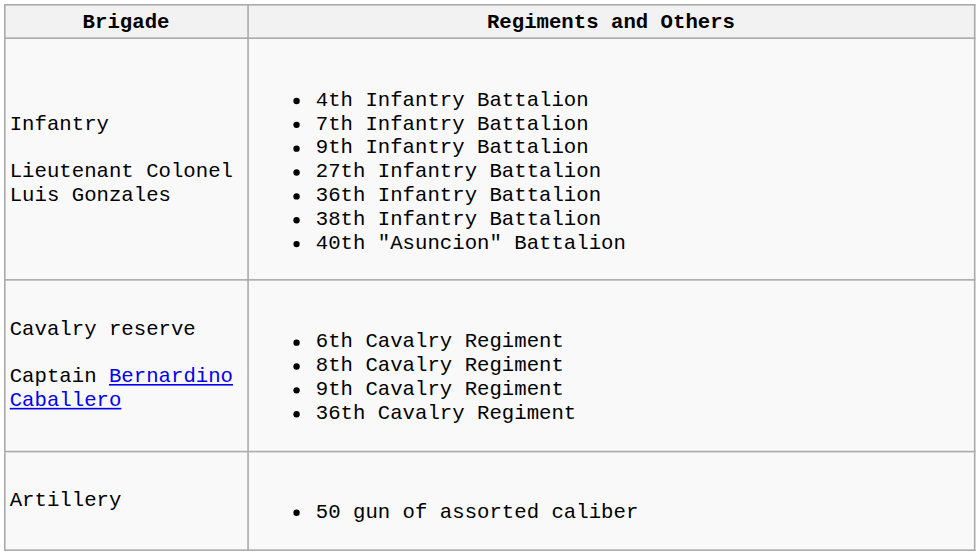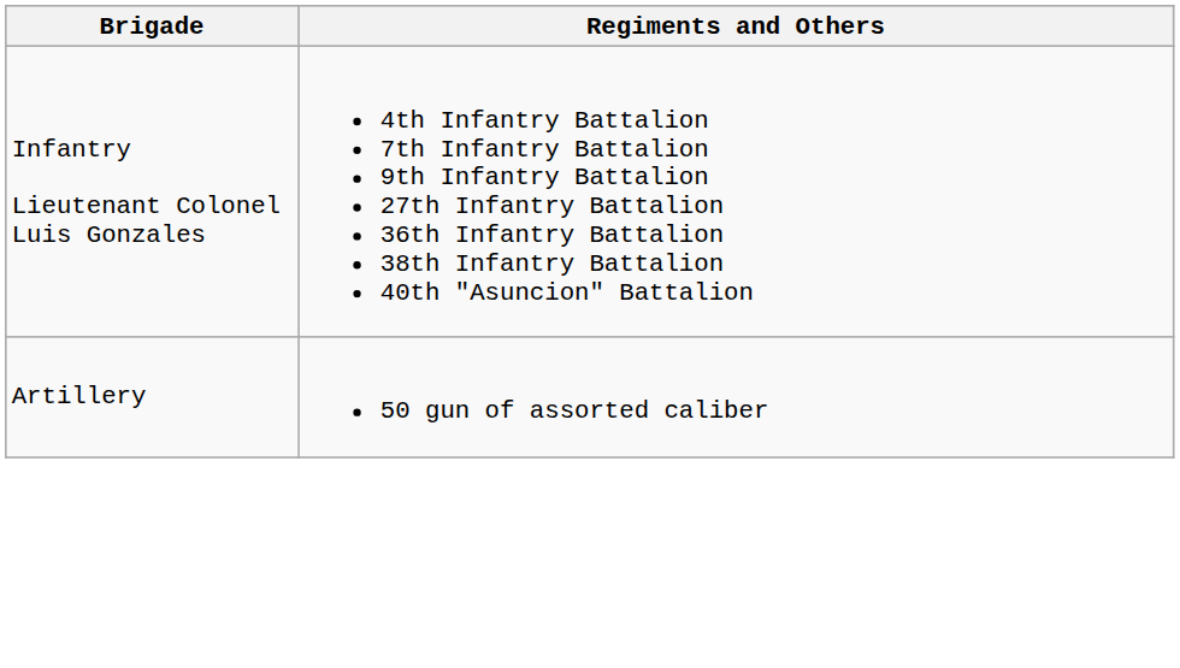 <table class="wikitable">
 <tr>
 <th width=25%>Brigade</th>
 <th>Regiments and Others</th>
 </tr>
 <tr>
 <td>Infantry<br><br> Lieutenant Colonel Luis Gonzales</td>
 <td><br><ul><li>4th Infantry Battalion</li><li>7th Infantry Battalion</li><li>9th Infantry Battalion</li><li>27th Infantry Battalion</li><li>36th Infantry Battalion</li><li>38th Infantry Battalion</li><li>40th "Asuncion" Battalion</li></ul></td>
 </tr>
 <tr>
-<td>Cavalry reserve<br><br> Captain <a href='#'>Bernardino Caballero</a></td>
-<td><br><ul><li>6th Cavalry Regiment</li><li>8th Cavalry Regiment</li><li>9th Cavalry Regiment</li><li>36th Cavalry Regiment</li></ul></td>
-</tr>
-<tr>
 <td>Artillery</td>
 <td><br><ul><li>50 gun of assorted caliber</li></ul></td>
 </tr>
 </table>
